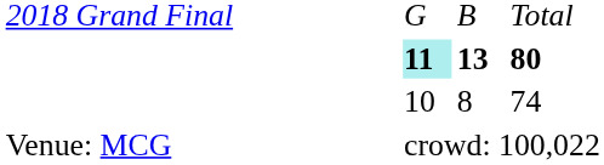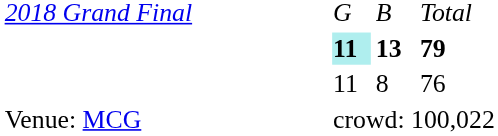 <table style="margin-right:4px; margin-top:8px; float:right; border:1px No.">
 <tr>
 <td width=200><em><a href='#'>2018 Grand Final</a></em></td>
 <td><em>G</em></td>
 <td><em>B</em></td>
 <td><em>Total</em></td>
 </tr>
 <tr>
 <td style="text-align:left"></td>
 <td style="background: paleturquoise;"><strong>11</strong></td>
 <td><strong>13</strong></td>
-<td><strong>80</strong></td>
+<td><strong>79</strong></td>
 </tr>
 <tr>
 <td style="text-align:left"></td>
-<td>10</td>
+<td>11</td>
 <td>8</td>
-<td>74</td>
+<td>76</td>
 </tr>
 <tr>
 <td>Venue: <a href='#'>MCG</a></td>
 <td colspan=3>crowd: 100,022</td>
 </tr>
 </table>
